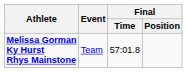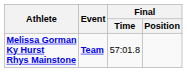 <table class="wikitable" border="1" style="font-size:90%">
 <tr>
 <th rowspan=2>Athlete</th>
 <th rowspan=2>Event</th>
 <th colspan=2>Final</th>
 </tr>
 <tr>
 <th>Time</th>
 <th>Position</th>
 </tr>
 <tr>
 <td rowspan=1><strong><a href='#'>Melissa Gorman</a><br><a href='#'>Ky Hurst</a><br><a href='#'>Rhys Mainstone</a></strong></td>
-<td><a href='#'>Team</a></td>
+<td><strong><a href='#'>Team</a></strong></td>
 <td align=center>57:01.8</td>
 <td align=center></td>
 </tr>
 </table>
